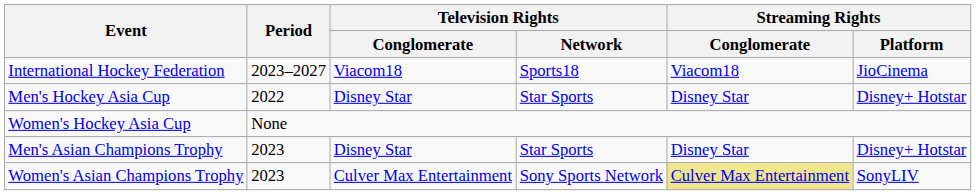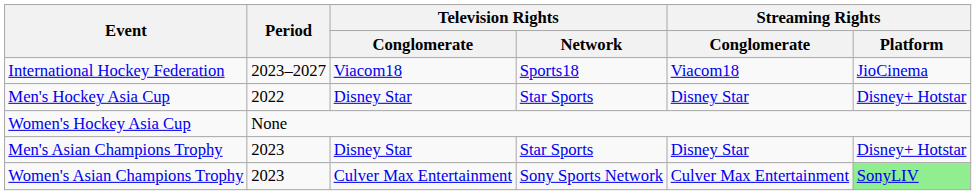 <table class="wikitable">
 <tr>
 <th colspan="2" rowspan="2">Event</th>
 <th rowspan="2">Period</th>
 <th colspan="2">Television Rights</th>
 <th colspan="2">Streaming Rights</th>
 </tr>
 <tr>
 <th>Conglomerate</th>
 <th>Network</th>
 <th>Conglomerate</th>
 <th>Platform</th>
 </tr>
 <tr>
 <td colspan="2"><a href='#'>International Hockey Federation</a></td>
 <td>2023–2027</td>
 <td rowspan="1"><a href='#'>Viacom18</a></td>
 <td rowspan="1"><a href='#'>Sports18</a></td>
 <td rowspan="1"><a href='#'>Viacom18</a></td>
 <td rowspan="1"><a href='#'>JioCinema</a></td>
 </tr>
 <tr>
 <td colspan="2"><a href='#'>Men's Hockey Asia Cup</a></td>
 <td>2022</td>
 <td><a href='#'>Disney Star</a></td>
 <td><a href='#'>Star Sports</a></td>
 <td><a href='#'>Disney Star</a></td>
 <td><a href='#'>Disney+ Hotstar</a></td>
 </tr>
 <tr>
 <td colspan="2"><a href='#'>Women's Hockey Asia Cup</a></td>
 <td colspan="5">None</td>
 </tr>
 <tr>
 <td colspan="2"><a href='#'>Men's Asian Champions Trophy</a></td>
 <td>2023</td>
 <td><a href='#'>Disney Star</a></td>
 <td><a href='#'>Star Sports</a></td>
 <td><a href='#'>Disney Star</a></td>
 <td><a href='#'>Disney+ Hotstar</a></td>
 </tr>
 <tr>
 <td colspan="2"><a href='#'>Women's Asian Champions Trophy</a></td>
 <td>2023</td>
 <td><a href='#'>Culver Max Entertainment</a></td>
 <td><a href='#'>Sony Sports Network</a></td>
-<td style="background: khaki;"><a href='#'>Culver Max Entertainment</a></td>
-<td><a href='#'>SonyLIV</a></td>
+<td><a href='#'>Culver Max Entertainment</a></td>
+<td style="background: lightgreen;"><a href='#'>SonyLIV</a></td>
 </tr>
 </table>
